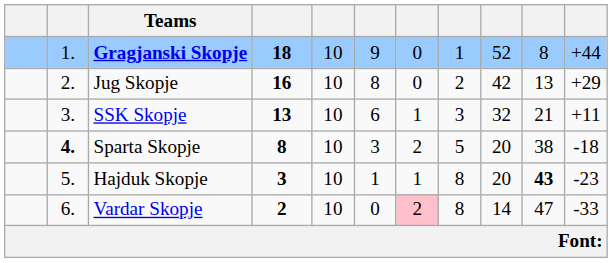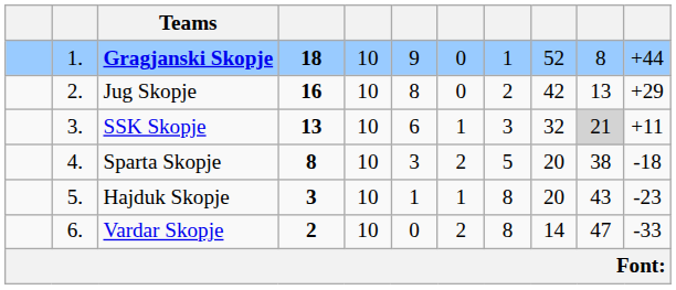 <table class="wikitable sortable" style="text-align: center; font-size: 90%;">
 <tr>
 <th width=7%></th>
 <th width=7%></th>
 <th width=27%>Teams</th>
 <th width=10%></th>
 <th width=7%></th>
 <th width=7%></th>
 <th width=7%></th>
 <th width=7%></th>
 <th width=7%></th>
 <th width=7%></th>
 <th width=7%></th>
 </tr>
 <tr style=background:#99CBFF;>
 <td></td>
 <td>1.</td>
 <td style="text-align:left;"><strong><a href='#'>Gragjanski Skopje</a></strong></td>
 <td><strong>18</strong></td>
 <td>10</td>
 <td>9</td>
 <td>0</td>
 <td>1</td>
 <td>52</td>
 <td>8</td>
 <td>+44</td>
 </tr>
 <tr>
 <td></td>
 <td>2.</td>
 <td style="text-align:left;">Jug Skopje</td>
 <td><strong>16</strong></td>
 <td>10</td>
 <td>8</td>
 <td>0</td>
 <td>2</td>
 <td>42</td>
 <td>13</td>
 <td>+29</td>
 </tr>
 <tr>
 <td></td>
 <td>3.</td>
 <td style="text-align:left;"><a href='#'> SSK Skopje</a></td>
 <td><strong>13</strong></td>
 <td>10</td>
 <td>6</td>
 <td>1</td>
 <td>3</td>
 <td>32</td>
-<td>21</td>
+<td style="background: lightgrey;">21</td>
 <td>+11</td>
 </tr>
 <tr>
 <td></td>
-<td><strong>4.</strong></td>
+<td>4.</td>
 <td style="text-align:left;">Sparta Skopje</td>
 <td><strong>8</strong></td>
 <td>10</td>
 <td>3</td>
 <td>2</td>
 <td>5</td>
 <td>20</td>
 <td>38</td>
 <td>-18</td>
 </tr>
 <tr>
 <td></td>
 <td>5.</td>
 <td style="text-align:left;">Hajduk Skopje</td>
 <td><strong>3</strong></td>
 <td>10</td>
 <td>1</td>
 <td>1</td>
 <td>8</td>
 <td>20</td>
-<td><strong>43</strong></td>
+<td>43</td>
 <td>-23</td>
 </tr>
 <tr>
 <td></td>
 <td>6.</td>
 <td style="text-align:left;"><a href='#'> Vardar Skopje</a></td>
 <td><strong>2</strong></td>
 <td>10</td>
 <td>0</td>
-<td style="background: pink;">2</td>
+<td>2</td>
 <td>8</td>
 <td>14</td>
 <td>47</td>
 <td>-33</td>
 </tr>
 <tr>
 <th colspan="11" style="text-align: right;">Font: </th>
 </tr>
 </table>
